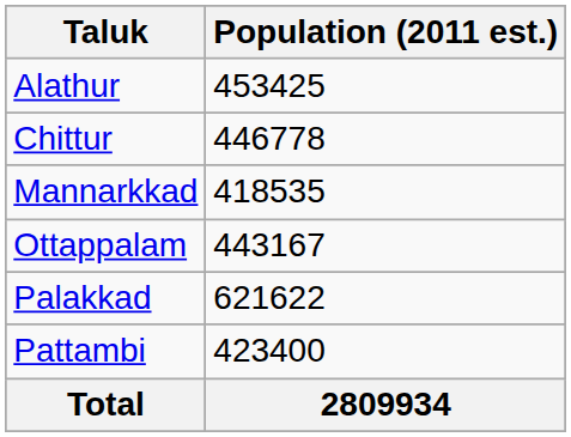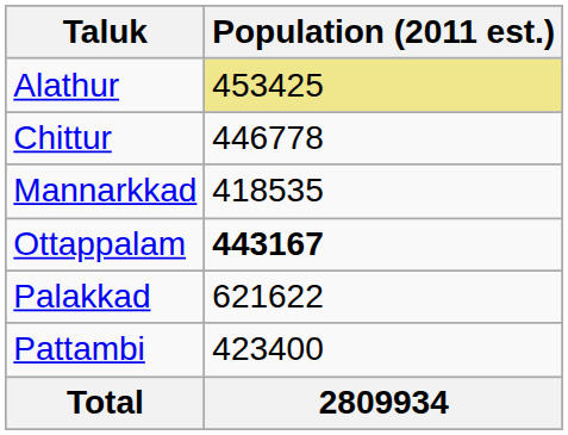 <table class="wikitable sortable">
 <tr>
 <th>Taluk</th>
 <th>Population (2011 est.)</th>
 </tr>
 <tr>
 <td><a href='#'>Alathur</a></td>
-<td>453425</td>
+<td style="background: khaki;">453425</td>
 </tr>
 <tr>
 <td><a href='#'>Chittur</a></td>
 <td>446778</td>
 </tr>
 <tr>
 <td><a href='#'>Mannarkkad</a></td>
 <td>418535</td>
 </tr>
 <tr>
 <td><a href='#'>Ottappalam</a></td>
-<td>443167</td>
+<td><strong>443167</strong></td>
 </tr>
 <tr>
 <td><a href='#'>Palakkad</a></td>
 <td>621622</td>
 </tr>
 <tr>
 <td><a href='#'>Pattambi</a></td>
 <td>423400</td>
 </tr>
 <tr>
 <th>Total</th>
 <th>2809934</th>
 </tr>
 </table>
